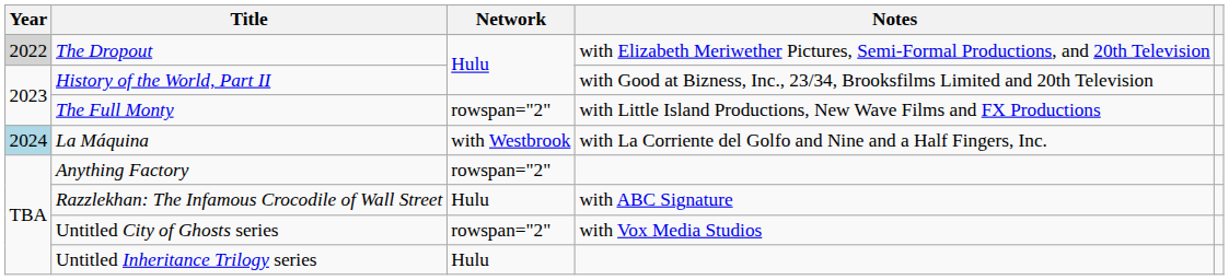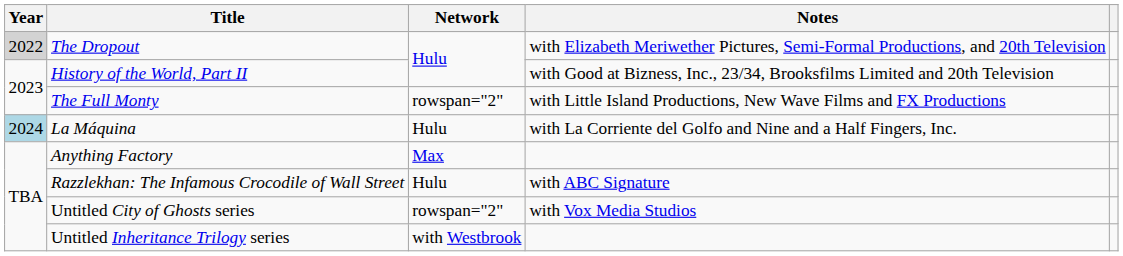 <table class="wikitable sortable">
 <tr>
 <th>Year</th>
 <th>Title</th>
 <th>Network</th>
 <th class="unsortable">Notes</th>
 <th class="unsortable"></th>
 </tr>
 <tr>
 <td style="background: lightgrey;">2022</td>
 <td><em><a href='#'>The Dropout</a></em></td>
 <td rowspan="2"><a href='#'>Hulu</a></td>
 <td>with <a href='#'>Elizabeth Meriwether</a> Pictures, <a href='#'>Semi-Formal Productions</a>, and <a href='#'>20th Television</a></td>
 <td></td>
 </tr>
 <tr>
 <td rowspan="2">2023</td>
 <td><em><a href='#'>History of the World, Part II</a></em></td>
 <td>with Good at Bizness, Inc., 23/34, Brooksfilms Limited and 20th Television</td>
 <td></td>
 </tr>
 <tr>
 <td><em><a href='#'>The Full Monty</a></em></td>
 <td>rowspan="2" </td>
 <td>with Little Island Productions, New Wave Films and <a href='#'>FX Productions</a></td>
 <td></td>
 </tr>
 <tr>
 <td style="background: lightblue;">2024</td>
 <td><em>La Máquina</em></td>
-<td>with <a href='#'>Westbrook</a></td>
+<td>Hulu</td>
 <td>with La Corriente del Golfo and Nine and a Half Fingers, Inc.</td>
 <td></td>
 </tr>
 <tr>
 <td rowspan="4">TBA</td>
 <td><em>Anything Factory</em></td>
-<td>rowspan="2" </td>
+<td><a href='#'>Max</a></td>
 <td></td>
 <td></td>
 </tr>
 <tr>
 <td><em>Razzlekhan: The Infamous Crocodile of Wall Street</em></td>
 <td>Hulu</td>
 <td>with <a href='#'>ABC Signature</a></td>
 <td></td>
 </tr>
 <tr>
 <td>Untitled <em>City of Ghosts</em> series</td>
 <td>rowspan="2" </td>
 <td>with <a href='#'>Vox Media Studios</a></td>
 <td></td>
 </tr>
 <tr>
 <td>Untitled <em><a href='#'>Inheritance Trilogy</a></em> series</td>
-<td>Hulu</td>
+<td>with <a href='#'>Westbrook</a></td>
 <td></td>
 </tr>
 </table>
